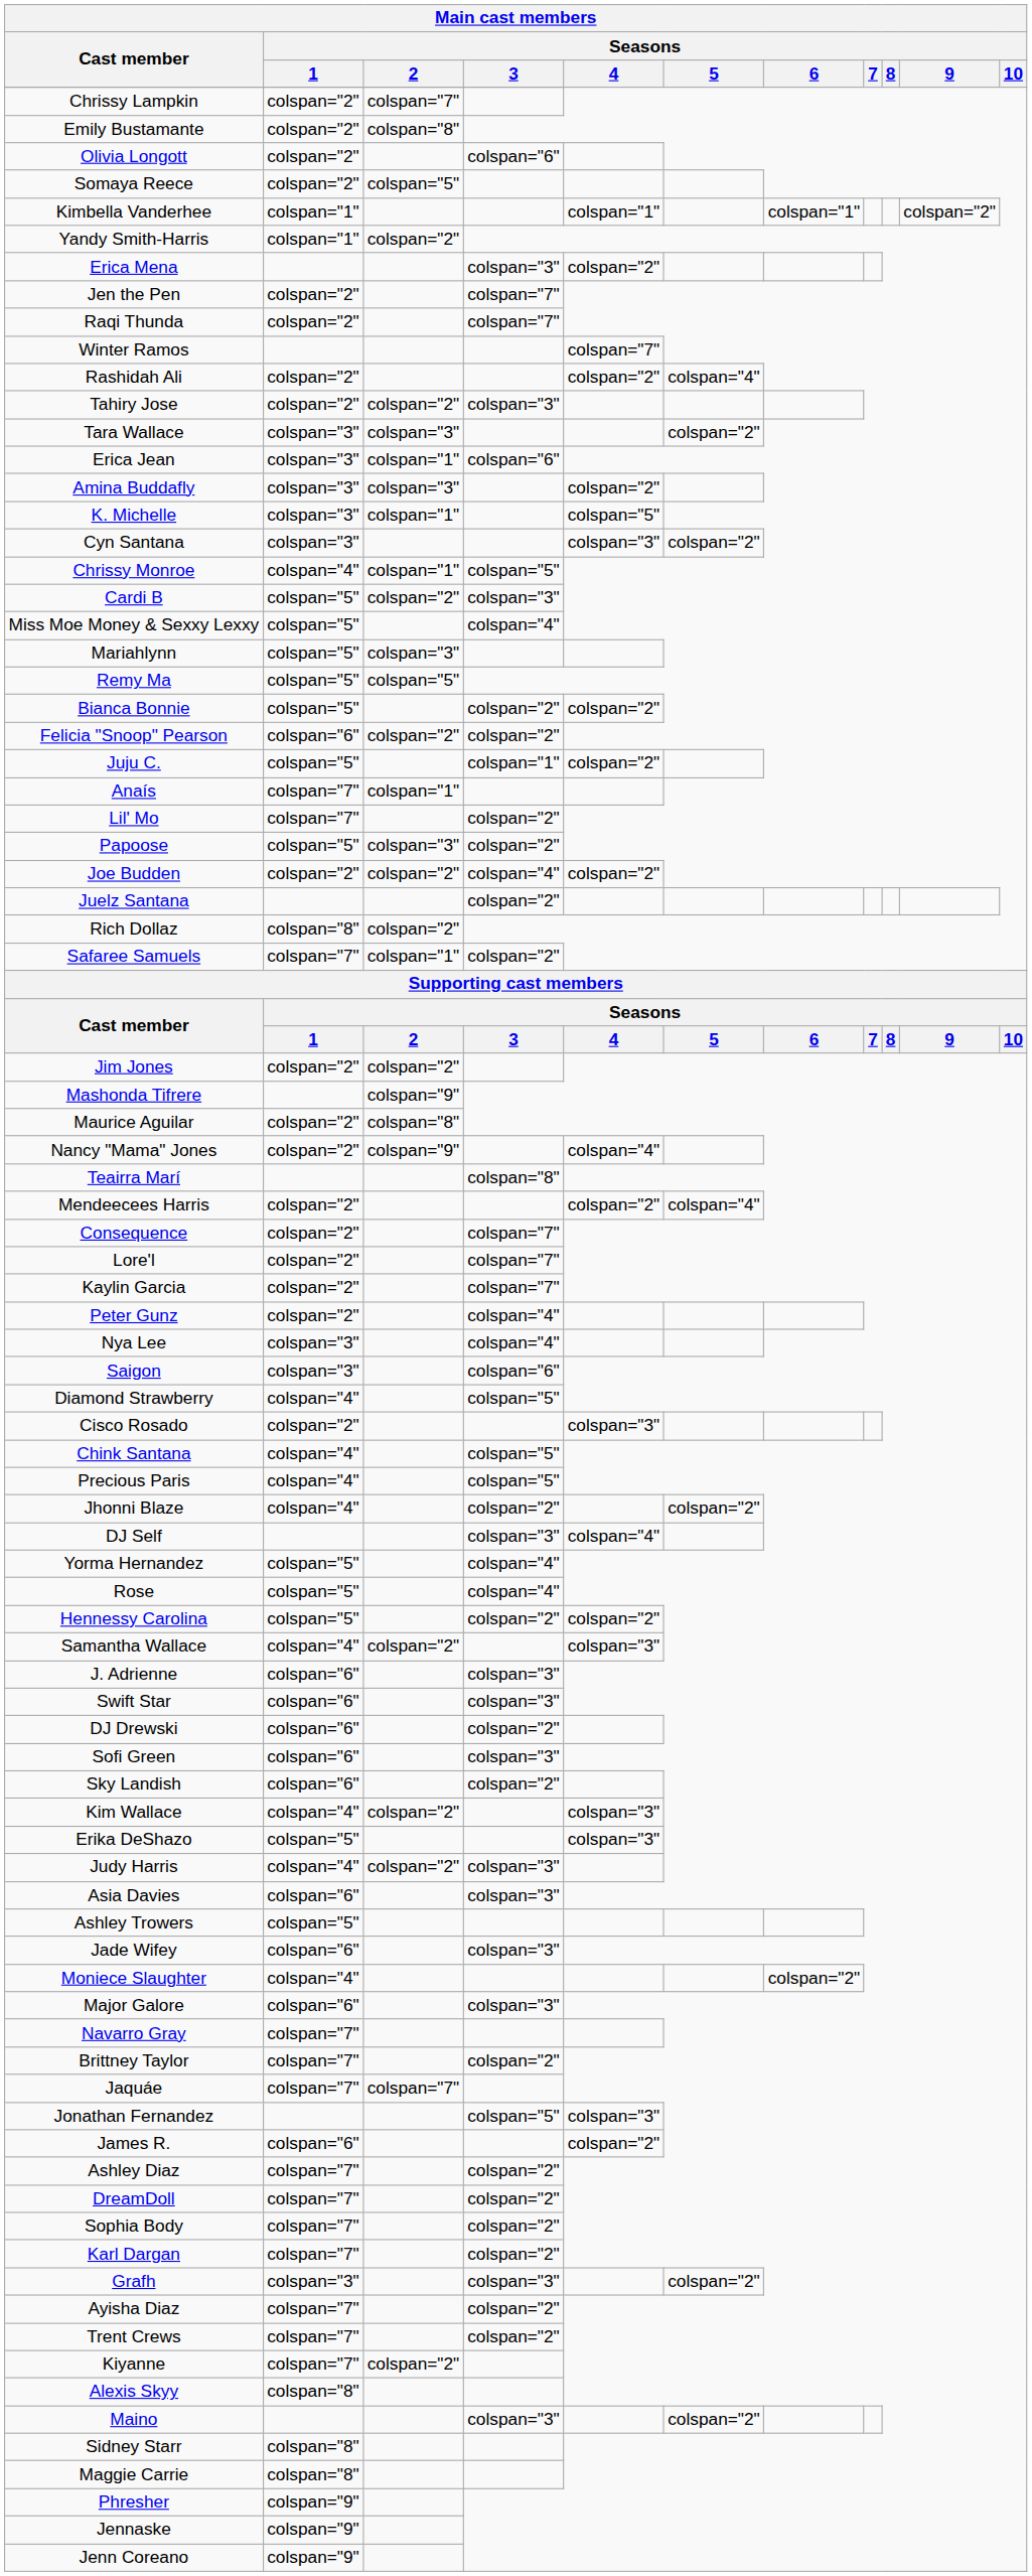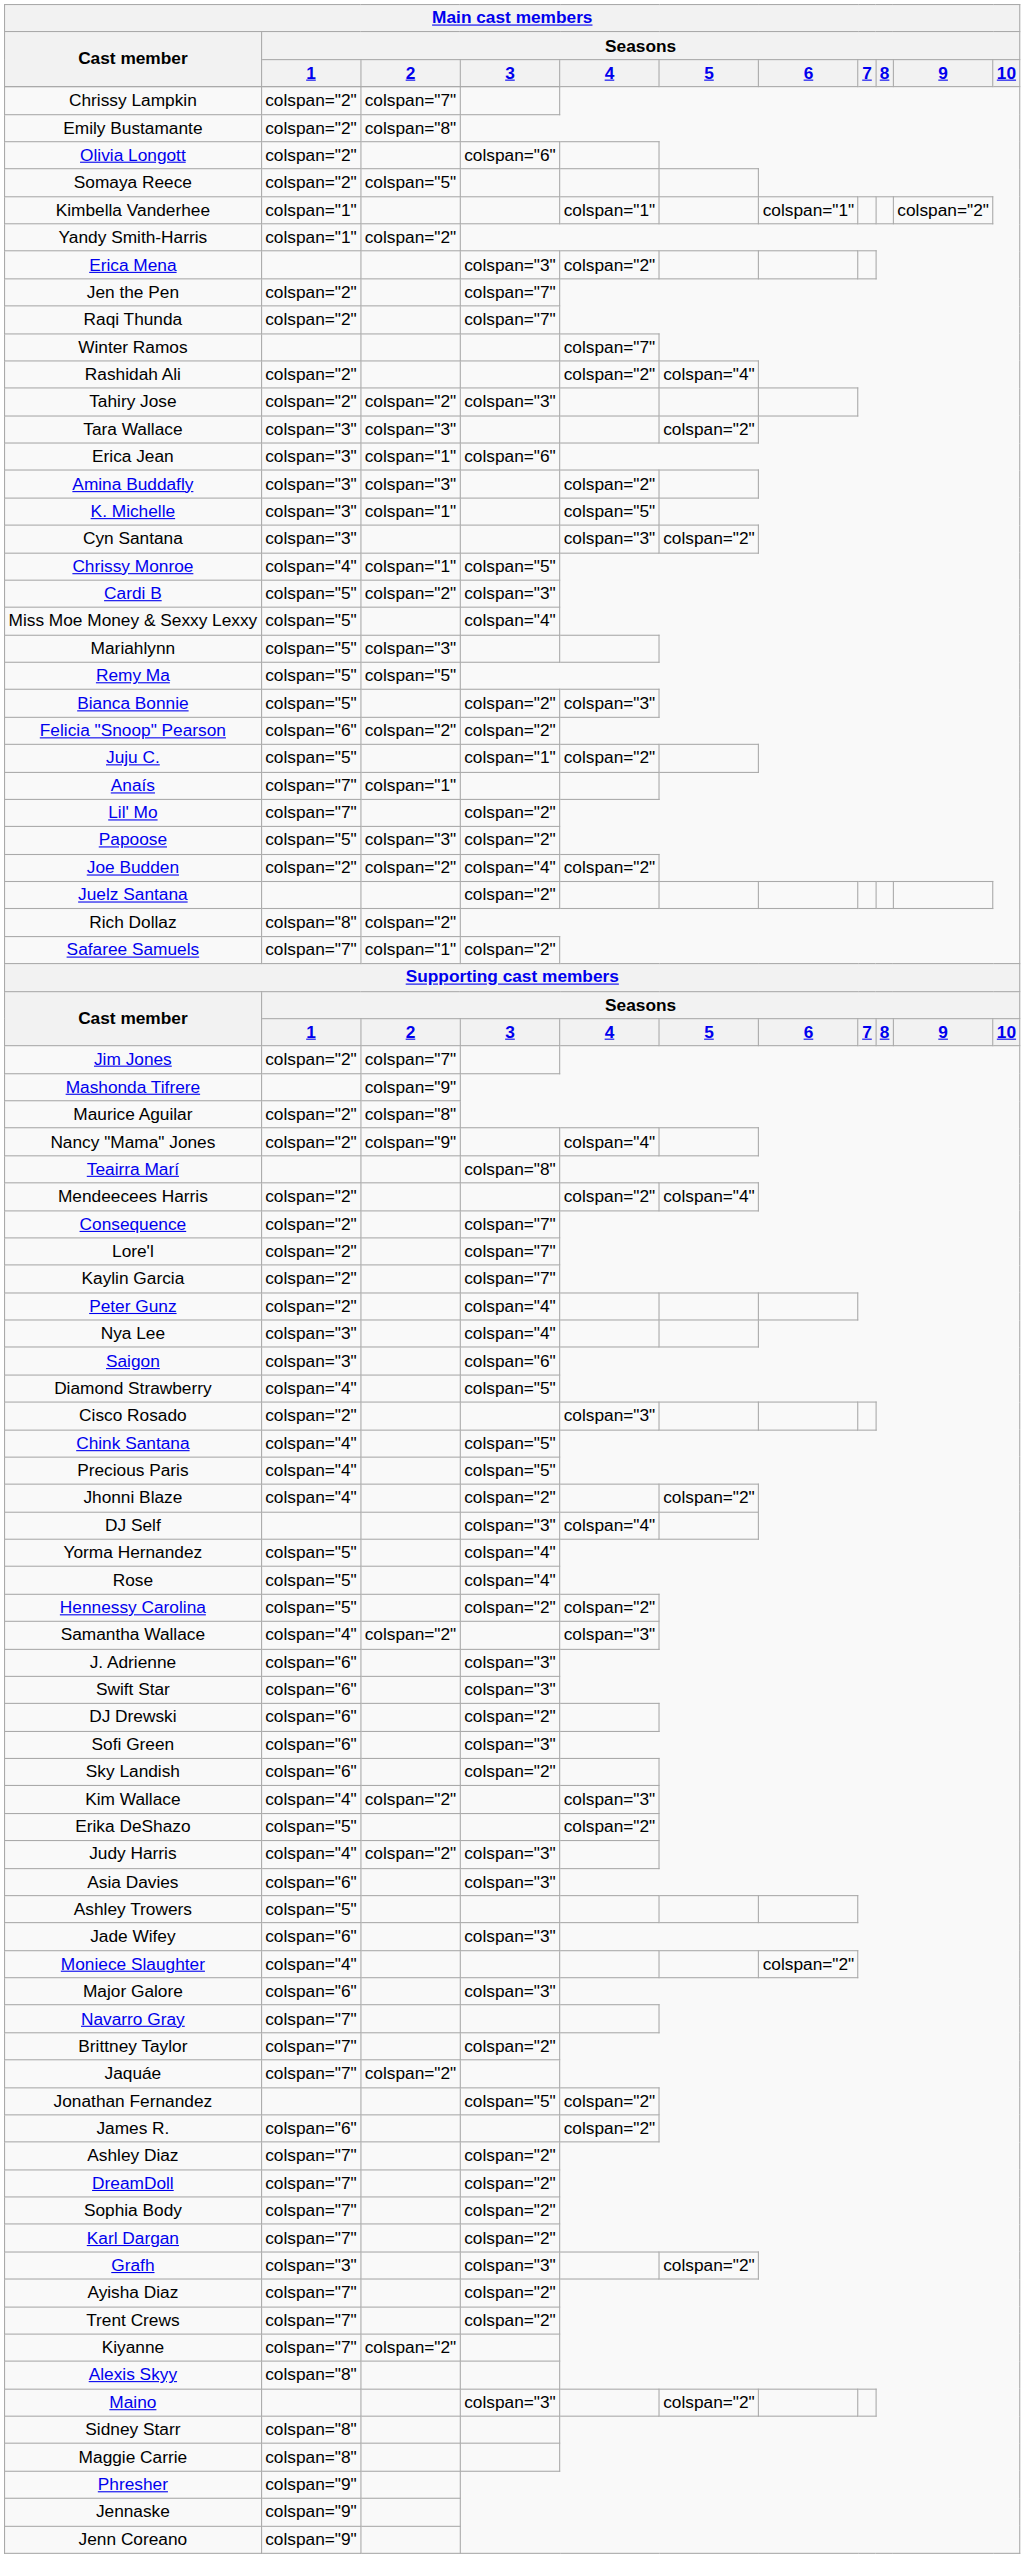 <table class="wikitable plainrowheaders" style="text-align:center;">
 <tr>
 <th colspan=11><a href='#'>Main cast members</a></th>
 </tr>
 <tr>
 <th rowspan="2" scope="col">Cast member</th>
 <th scope="col" colspan="10">Seasons</th>
 </tr>
 <tr>
 <th scope="col"><a href='#'>1</a></th>
 <th scope="col"><a href='#'>2</a></th>
 <th scope="col"><a href='#'>3</a></th>
 <th scope="col"><a href='#'>4</a></th>
 <th scope="col"><a href='#'>5</a></th>
 <th scope="col"><a href='#'>6</a></th>
 <th scope="col"><a href='#'>7</a></th>
 <th scope="col"><a href='#'>8</a></th>
 <th scope="col"><a href='#'>9</a></th>
 <th scope="col"><a href='#'>10</a></th>
 </tr>
 <tr>
 </tr>
 <tr>
 <td scope="row">Chrissy Lampkin</td>
 <td>colspan="2" </td>
 <td>colspan="7" </td>
 <td></td>
 </tr>
 <tr>
 <td scope="row">Emily Bustamante</td>
 <td>colspan="2" </td>
 <td>colspan="8" </td>
 </tr>
 <tr>
 <td scope="row"><a href='#'>Olivia Longott</a></td>
 <td>colspan="2" </td>
 <td></td>
 <td>colspan="6" </td>
 <td></td>
 </tr>
 <tr>
 <td scope="row">Somaya Reece</td>
 <td>colspan="2" </td>
 <td>colspan="5" </td>
 <td></td>
 <td></td>
 <td></td>
 </tr>
 <tr>
 <td scope="row">Kimbella Vanderhee</td>
 <td>colspan="1" </td>
 <td></td>
 <td></td>
 <td>colspan="1" </td>
 <td></td>
 <td>colspan="1" </td>
 <td></td>
 <td></td>
 <td>colspan="2" </td>
 </tr>
 <tr>
 <td scope="row">Yandy Smith-Harris</td>
 <td>colspan="1" </td>
 <td>colspan="2" </td>
 </tr>
 <tr>
 <td scope="row"><a href='#'>Erica Mena</a></td>
 <td></td>
 <td></td>
 <td>colspan="3" </td>
 <td>colspan="2" </td>
 <td></td>
 <td></td>
 <td></td>
 </tr>
 <tr>
 <td scope="row">Jen the Pen</td>
 <td>colspan="2" </td>
 <td></td>
 <td>colspan="7" </td>
 </tr>
 <tr>
 <td scope="row">Raqi Thunda</td>
 <td>colspan="2" </td>
 <td></td>
 <td>colspan="7" </td>
 </tr>
 <tr>
 <td scope="row">Winter Ramos</td>
 <td></td>
 <td></td>
 <td></td>
 <td>colspan="7" </td>
 </tr>
 <tr>
 <td scope="row">Rashidah Ali</td>
 <td>colspan="2" </td>
 <td></td>
 <td></td>
 <td>colspan="2" </td>
 <td>colspan="4" </td>
 </tr>
 <tr>
 <td scope="row">Tahiry Jose</td>
 <td>colspan="2" </td>
 <td>colspan="2" </td>
 <td>colspan="3" </td>
 <td></td>
 <td></td>
 <td></td>
 </tr>
 <tr>
 <td scope="row">Tara Wallace</td>
 <td>colspan="3" </td>
 <td>colspan="3" </td>
 <td></td>
 <td></td>
 <td>colspan="2" </td>
 </tr>
 <tr>
 <td scope="row">Erica Jean</td>
 <td>colspan="3" </td>
 <td>colspan="1" </td>
 <td>colspan="6" </td>
 </tr>
 <tr>
 <td scope="row"><a href='#'>Amina Buddafly</a></td>
 <td>colspan="3" </td>
 <td>colspan="3" </td>
 <td></td>
 <td>colspan="2" </td>
 <td></td>
 </tr>
 <tr>
 <td scope="row"><a href='#'>K. Michelle</a></td>
 <td>colspan="3" </td>
 <td>colspan="1" </td>
 <td></td>
 <td>colspan="5" </td>
 </tr>
 <tr>
 <td scope="row">Cyn Santana</td>
 <td>colspan="3" </td>
 <td></td>
 <td></td>
 <td>colspan="3" </td>
 <td>colspan="2" </td>
 </tr>
 <tr>
 <td scope="row"><a href='#'>Chrissy Monroe</a></td>
 <td>colspan="4" </td>
 <td>colspan="1" </td>
 <td>colspan="5" </td>
 </tr>
 <tr>
 <td scope="row"><a href='#'>Cardi B</a></td>
 <td>colspan="5" </td>
 <td>colspan="2" </td>
 <td>colspan="3" </td>
 </tr>
 <tr>
 <td scope="row">Miss Moe Money & Sexxy Lexxy</td>
 <td>colspan="5" </td>
 <td></td>
 <td>colspan="4" </td>
 </tr>
 <tr>
 <td scope="row">Mariahlynn</td>
 <td>colspan="5" </td>
 <td>colspan="3" </td>
 <td></td>
 <td></td>
 </tr>
 <tr>
 <td scope="row"><a href='#'>Remy Ma</a></td>
 <td>colspan="5" </td>
 <td>colspan="5" </td>
 </tr>
 <tr>
 <td scope="row"><a href='#'>Bianca Bonnie</a></td>
 <td>colspan="5" </td>
 <td></td>
 <td>colspan="2" </td>
-<td>colspan="2" </td>
+<td>colspan="3" </td>
 </tr>
 <tr>
 <td scope="row"><a href='#'>Felicia "Snoop" Pearson</a></td>
 <td>colspan="6" </td>
 <td>colspan="2" </td>
 <td>colspan="2" </td>
 </tr>
 <tr>
 <td scope="row"><a href='#'>Juju C.</a></td>
 <td>colspan="5" </td>
 <td></td>
 <td>colspan="1" </td>
 <td>colspan="2" </td>
 <td></td>
 </tr>
 <tr>
 <td scope="row"><a href='#'>Anaís</a></td>
 <td>colspan="7" </td>
 <td>colspan="1" </td>
 <td></td>
 <td></td>
 </tr>
 <tr>
 <td scope="row"><a href='#'>Lil' Mo</a></td>
 <td>colspan="7" </td>
 <td></td>
 <td>colspan="2" </td>
 </tr>
 <tr>
 <td scope="row"><a href='#'>Papoose</a></td>
 <td>colspan="5" </td>
 <td>colspan="3" </td>
 <td>colspan="2" </td>
 </tr>
 <tr>
 <td scope="row"><a href='#'>Joe Budden</a></td>
 <td>colspan="2" </td>
 <td>colspan="2" </td>
 <td>colspan="4" </td>
 <td>colspan="2" </td>
 </tr>
 <tr>
 <td scope="row"><a href='#'>Juelz Santana</a></td>
 <td></td>
 <td></td>
 <td>colspan="2" </td>
 <td></td>
 <td></td>
 <td></td>
 <td></td>
 <td></td>
 <td></td>
 </tr>
 <tr>
 <td scope="row">Rich Dollaz</td>
 <td>colspan="8" </td>
 <td>colspan="2" </td>
 </tr>
 <tr>
 <td scope="row"><a href='#'>Safaree Samuels</a></td>
 <td>colspan="7" </td>
 <td>colspan="1" </td>
 <td>colspan="2" </td>
 </tr>
 <tr>
 <th colspan=11><a href='#'>Supporting cast members</a></th>
 </tr>
 <tr>
 <th rowspan="2" scope="col">Cast member</th>
 <th scope="col" colspan="10">Seasons</th>
 </tr>
 <tr>
 <th scope="col"><a href='#'>1</a></th>
 <th scope="col"><a href='#'>2</a></th>
 <th scope="col"><a href='#'>3</a></th>
 <th scope="col"><a href='#'>4</a></th>
 <th scope="col"><a href='#'>5</a></th>
 <th scope="col"><a href='#'>6</a></th>
 <th scope="col"><a href='#'>7</a></th>
 <th scope="col"><a href='#'>8</a></th>
 <th scope="col"><a href='#'>9</a></th>
 <th scope="col"><a href='#'>10</a></th>
 </tr>
 <tr>
 <td scope="row"><a href='#'>Jim Jones</a></td>
 <td>colspan="2" </td>
-<td>colspan="2" </td>
+<td>colspan="7" </td>
 <td></td>
 </tr>
 <tr>
 <td scope="row"><a href='#'>Mashonda Tifrere</a></td>
 <td></td>
 <td>colspan="9" </td>
 </tr>
 <tr>
 <td scope="row">Maurice Aguilar</td>
 <td>colspan="2" </td>
 <td>colspan="8" </td>
 </tr>
 <tr>
 <td scope="row">Nancy "Mama" Jones</td>
 <td>colspan="2" </td>
 <td>colspan="9" </td>
 <td></td>
 <td>colspan="4" </td>
 <td></td>
 </tr>
 <tr>
 <td scope="row"><a href='#'>Teairra Marí</a></td>
 <td></td>
 <td></td>
 <td>colspan="8" </td>
 </tr>
 <tr>
 <td scope="row">Mendeecees Harris</td>
 <td>colspan="2" </td>
 <td></td>
 <td></td>
 <td>colspan="2" </td>
 <td>colspan="4" </td>
 </tr>
 <tr>
 <td scope="row"><a href='#'>Consequence</a></td>
 <td>colspan="2" </td>
 <td></td>
 <td>colspan="7" </td>
 </tr>
 <tr>
 <td scope="row">Lore'l</td>
 <td>colspan="2" </td>
 <td></td>
 <td>colspan="7" </td>
 </tr>
 <tr>
 <td scope="row">Kaylin Garcia</td>
 <td>colspan="2" </td>
 <td></td>
 <td>colspan="7" </td>
 </tr>
 <tr>
 <td scope="row"><a href='#'>Peter Gunz</a></td>
 <td>colspan="2" </td>
 <td></td>
 <td>colspan="4" </td>
 <td></td>
 <td></td>
 <td></td>
 </tr>
 <tr>
 <td scope="row">Nya Lee</td>
 <td>colspan="3" </td>
 <td></td>
 <td>colspan="4" </td>
 <td></td>
 <td></td>
 </tr>
 <tr>
 <td scope="row"><a href='#'>Saigon</a></td>
 <td>colspan="3" </td>
 <td></td>
 <td>colspan="6" </td>
 </tr>
 <tr>
 <td scope="row">Diamond Strawberry</td>
 <td>colspan="4" </td>
 <td></td>
 <td>colspan="5" </td>
 </tr>
 <tr>
 <td scope="row">Cisco Rosado</td>
 <td>colspan="2" </td>
 <td></td>
 <td></td>
 <td>colspan="3" </td>
 <td></td>
 <td></td>
 <td></td>
 </tr>
 <tr>
 <td scope="row"><a href='#'>Chink Santana</a></td>
 <td>colspan="4" </td>
 <td></td>
 <td>colspan="5" </td>
 </tr>
 <tr>
 <td scope="row">Precious Paris</td>
 <td>colspan="4" </td>
 <td></td>
 <td>colspan="5" </td>
 </tr>
 <tr>
 <td scope="row">Jhonni Blaze</td>
 <td>colspan="4" </td>
 <td></td>
 <td>colspan="2" </td>
 <td></td>
 <td>colspan="2" </td>
 </tr>
 <tr>
 <td scope="row">DJ Self</td>
 <td></td>
 <td></td>
 <td>colspan="3" </td>
 <td>colspan="4" </td>
 <td></td>
 </tr>
 <tr>
 <td scope="row">Yorma Hernandez</td>
 <td>colspan="5" </td>
 <td></td>
 <td>colspan="4" </td>
 </tr>
 <tr>
 <td scope="row">Rose</td>
 <td>colspan="5" </td>
 <td></td>
 <td>colspan="4" </td>
 </tr>
 <tr>
 <td scope="row"><a href='#'>Hennessy Carolina</a></td>
 <td>colspan="5" </td>
 <td></td>
 <td>colspan="2" </td>
 <td>colspan="2" </td>
 </tr>
 <tr>
 <td scope="row">Samantha Wallace</td>
 <td>colspan="4" </td>
 <td>colspan="2" </td>
 <td></td>
 <td>colspan="3" </td>
 </tr>
 <tr>
 <td scope="row">J. Adrienne</td>
 <td>colspan="6" </td>
 <td></td>
 <td>colspan="3" </td>
 </tr>
 <tr>
 <td scope="row">Swift Star</td>
 <td>colspan="6" </td>
 <td></td>
 <td>colspan="3" </td>
 </tr>
 <tr>
 <td scope="row">DJ Drewski</td>
 <td>colspan="6" </td>
 <td></td>
 <td>colspan="2" </td>
 <td></td>
 </tr>
 <tr>
 <td scope="row">Sofi Green</td>
 <td>colspan="6" </td>
 <td></td>
 <td>colspan="3" </td>
 </tr>
 <tr>
 <td scope="row">Sky Landish</td>
 <td>colspan="6" </td>
 <td></td>
 <td>colspan="2" </td>
 <td></td>
 </tr>
 <tr>
 <td scope="row">Kim Wallace</td>
 <td>colspan="4" </td>
 <td>colspan="2" </td>
 <td></td>
 <td>colspan="3" </td>
 </tr>
 <tr>
 <td scope="row">Erika DeShazo</td>
 <td>colspan="5" </td>
 <td></td>
 <td></td>
-<td>colspan="3" </td>
+<td>colspan="2" </td>
 </tr>
 <tr>
 <td scope="row">Judy Harris</td>
 <td>colspan="4" </td>
 <td>colspan="2" </td>
 <td>colspan="3" </td>
 <td></td>
 </tr>
 <tr>
 <td scope="row">Asia Davies</td>
 <td>colspan="6" </td>
 <td></td>
 <td>colspan="3" </td>
 </tr>
 <tr>
 <td scope="row">Ashley Trowers</td>
 <td>colspan="5" </td>
 <td></td>
 <td></td>
 <td></td>
 <td></td>
 <td></td>
 </tr>
 <tr>
 <td scope="row">Jade Wifey</td>
 <td>colspan="6" </td>
 <td></td>
 <td>colspan="3" </td>
 </tr>
 <tr>
 <td scope="row"><a href='#'>Moniece Slaughter</a></td>
 <td>colspan="4" </td>
 <td></td>
 <td></td>
 <td></td>
 <td></td>
 <td>colspan="2" </td>
 </tr>
 <tr>
 <td scope="row">Major Galore</td>
 <td>colspan="6" </td>
 <td></td>
 <td>colspan="3" </td>
 </tr>
 <tr>
 <td scope="row"><a href='#'>Navarro Gray</a></td>
 <td>colspan="7" </td>
 <td></td>
 <td></td>
 <td></td>
 </tr>
 <tr>
 <td scope="row">Brittney Taylor</td>
 <td>colspan="7" </td>
 <td></td>
 <td>colspan="2" </td>
 </tr>
 <tr>
 <td scope="row">Jaquáe</td>
 <td>colspan="7" </td>
-<td>colspan="7" </td>
+<td>colspan="2" </td>
 <td></td>
 </tr>
 <tr>
 <td scope="row">Jonathan Fernandez</td>
 <td></td>
 <td></td>
 <td>colspan="5" </td>
-<td>colspan="3" </td>
+<td>colspan="2" </td>
 </tr>
 <tr>
 <td scope="row">James R.</td>
 <td>colspan="6" </td>
 <td></td>
 <td></td>
 <td>colspan="2" </td>
 </tr>
 <tr>
 <td scope="row">Ashley Diaz</td>
 <td>colspan="7" </td>
 <td></td>
 <td>colspan="2" </td>
 </tr>
 <tr>
 <td scope="row"><a href='#'>DreamDoll</a></td>
 <td>colspan="7" </td>
 <td></td>
 <td>colspan="2" </td>
 </tr>
 <tr>
 <td scope="row">Sophia Body</td>
 <td>colspan="7" </td>
 <td></td>
 <td>colspan="2" </td>
 </tr>
 <tr>
 <td scope="row"><a href='#'>Karl Dargan</a></td>
 <td>colspan="7" </td>
 <td></td>
 <td>colspan="2" </td>
 </tr>
 <tr>
 <td scope="row"><a href='#'>Grafh</a></td>
 <td>colspan="3" </td>
 <td></td>
 <td>colspan="3" </td>
 <td></td>
 <td>colspan="2" </td>
 </tr>
 <tr>
 <td scope="row">Ayisha Diaz</td>
 <td>colspan="7" </td>
 <td></td>
 <td>colspan="2" </td>
 </tr>
 <tr>
 <td scope="row">Trent Crews</td>
 <td>colspan="7" </td>
 <td></td>
 <td>colspan="2" </td>
 </tr>
 <tr>
 <td scope="row">Kiyanne</td>
 <td>colspan="7" </td>
 <td>colspan="2" </td>
 <td></td>
 </tr>
 <tr>
 <td scope="row"><a href='#'>Alexis Skyy</a></td>
 <td>colspan="8" </td>
 <td></td>
 <td></td>
 </tr>
 <tr>
 <td scope="row"><a href='#'>Maino</a></td>
 <td></td>
 <td></td>
 <td>colspan="3" </td>
 <td></td>
 <td>colspan="2" </td>
 <td></td>
 <td></td>
 </tr>
 <tr>
 <td scope="row">Sidney Starr</td>
 <td>colspan="8" </td>
 <td></td>
 <td></td>
 </tr>
 <tr>
 <td scope="row">Maggie Carrie</td>
 <td>colspan="8" </td>
 <td></td>
 <td></td>
 </tr>
 <tr>
 <td scope="row"><a href='#'>Phresher</a></td>
 <td>colspan="9" </td>
 <td></td>
 </tr>
 <tr>
 <td scope="row">Jennaske</td>
 <td>colspan="9" </td>
 <td></td>
 </tr>
 <tr>
 <td scope="row">Jenn Coreano</td>
 <td>colspan="9" </td>
 <td></td>
 </tr>
 </table>
